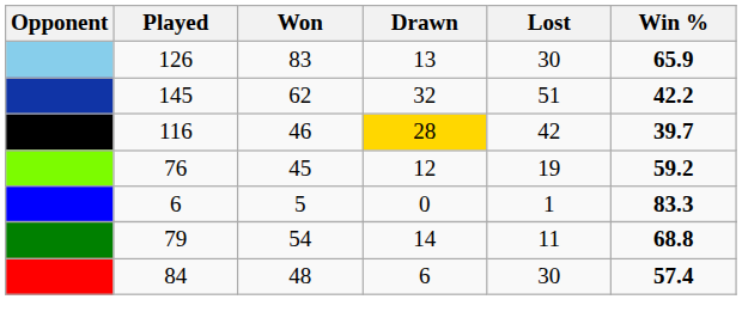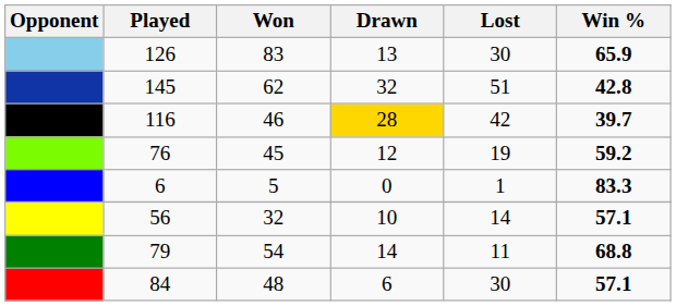 <table class="wikitable sortable" style="text-align:center;">
 <tr>
 <th>Opponent</th>
 <th style="width:5em">Played</th>
 <th style="width:5em">Won</th>
 <th style="width:5em">Drawn</th>
 <th style="width:5em">Lost</th>
 <th style="width:5em">Win %</th>
 </tr>
 <tr>
 <td style="background:#87CEEB"></td>
 <td>126</td>
 <td>83</td>
 <td>13</td>
 <td>30</td>
 <td><strong>65.9</strong></td>
 </tr>
 <tr>
 <td style="background:#1034A6"></td>
 <td>145</td>
 <td>62</td>
 <td>32</td>
 <td>51</td>
-<td><strong>42.2</strong></td>
+<td><strong>42.8</strong></td>
 </tr>
 <tr>
 <td style="background:black"></td>
 <td>116</td>
 <td>46</td>
 <td style="background: gold;">28</td>
 <td>42</td>
 <td><strong>39.7</strong></td>
 </tr>
 <tr>
 <td style="background:lawngreen"></td>
 <td>76</td>
 <td>45</td>
 <td>12</td>
 <td>19</td>
 <td><strong>59.2</strong></td>
 </tr>
 <tr>
 <td style="background:blue"></td>
 <td>6</td>
 <td>5</td>
 <td>0</td>
 <td>1</td>
 <td><strong>83.3</strong></td>
 </tr>
 <tr class="sortbottom">
 </tr>
 <tr>
+<td style="background:yellow"></td>
+<td>56</td>
+<td>32</td>
+<td>10</td>
+<td>14</td>
+<td><strong>57.1</strong></td>
+</tr>
+<tr>
 <td style="background:#008000"></td>
 <td>79</td>
 <td>54</td>
 <td>14</td>
 <td>11</td>
 <td><strong>68.8</strong></td>
 </tr>
 <tr>
 <td style="background:red"></td>
 <td>84</td>
 <td>48</td>
 <td>6</td>
 <td>30</td>
-<td><strong>57.4</strong></td>
+<td><strong>57.1</strong></td>
 </tr>
 </table>
